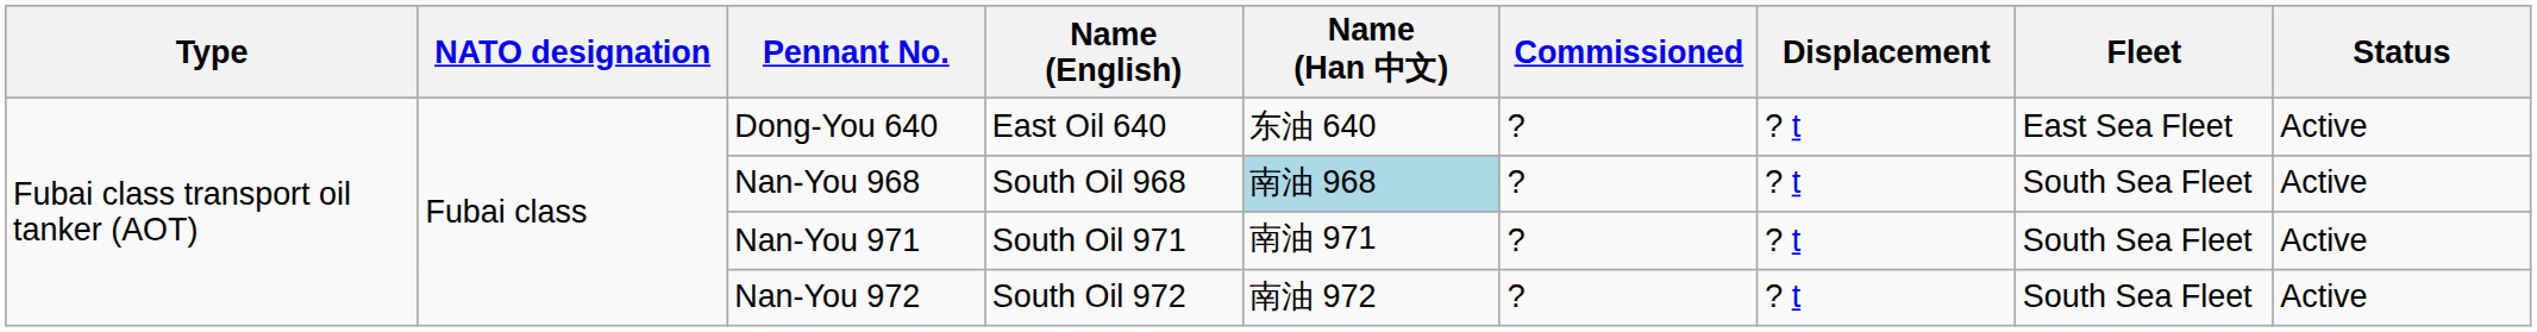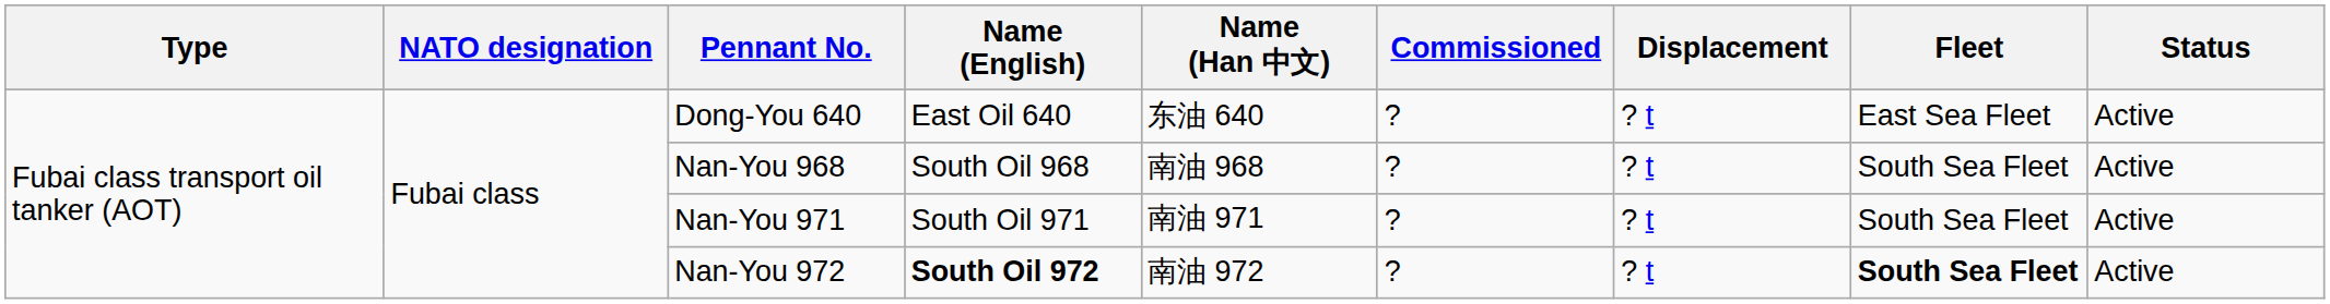 <table class="wikitable sortable"  style="margin:auto; width:100%;">
 <tr>
 <th style="text-align:center; width:16%;">Type</th>
 <th style="text-align:center; width:12%;"><a href='#'>NATO designation</a></th>
 <th style="text-align:center; width:10%;"><a href='#'>Pennant No.</a></th>
 <th style="text-align:center; width:10%;">Name<br>(English)</th>
 <th style="text-align:center; width:10%;">Name<br>(Han 中文)</th>
 <th style="text-align:center; width:10%;"><a href='#'>Commissioned</a></th>
 <th style="text-align:center; width:10%;">Displacement</th>
 <th style="text-align:center; width:10%;">Fleet</th>
 <th style="text-align:center; width:10%;">Status</th>
 </tr>
 <tr>
 <td rowspan="4">Fubai class transport oil tanker (AOT)</td>
 <td rowspan="4">Fubai class</td>
 <td>Dong-You 640</td>
 <td>East Oil 640</td>
 <td>东油 640</td>
 <td>?</td>
 <td>? <a href='#'>t</a></td>
 <td>East Sea Fleet</td>
 <td><span>Active</span></td>
 </tr>
 <tr>
 <td>Nan-You 968</td>
 <td>South Oil 968</td>
-<td style="background: lightblue;">南油 968</td>
+<td>南油 968</td>
 <td>?</td>
 <td>? <a href='#'>t</a></td>
 <td>South Sea Fleet</td>
 <td><span>Active</span></td>
 </tr>
 <tr>
 <td>Nan-You 971</td>
 <td>South Oil 971</td>
 <td>南油 971</td>
 <td>?</td>
 <td>? <a href='#'>t</a></td>
 <td>South Sea Fleet</td>
 <td><span>Active</span></td>
 </tr>
 <tr>
 <td>Nan-You 972</td>
-<td>South Oil 972</td>
+<td><strong>South Oil 972</strong></td>
 <td>南油 972</td>
 <td>?</td>
 <td>? <a href='#'>t</a></td>
-<td>South Sea Fleet</td>
+<td><strong>South Sea Fleet</strong></td>
 <td><span>Active</span></td>
 </tr>
 </table>
